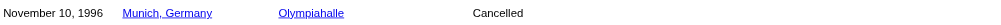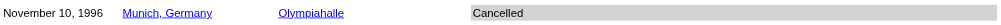 <table cellpadding="2" style="border:0 solid darkgrey; font-size:90%">
 <tr>
 <th style="width:150px;"></th>
 <th style="width:200px;"></th>
 <th style="width:250px;"></th>
 <th style="width:700px;"></th>
 </tr>
 <tr border="0">
 </tr>
 <tr>
 <td>November 10, 1996</td>
 <td><a href='#'>Munich, Germany</a></td>
 <td><a href='#'>Olympiahalle</a></td>
-<td>Cancelled</td>
+<td style="background: lightgrey;">Cancelled</td>
 </tr>
 <tr>
 </tr>
 </table>
